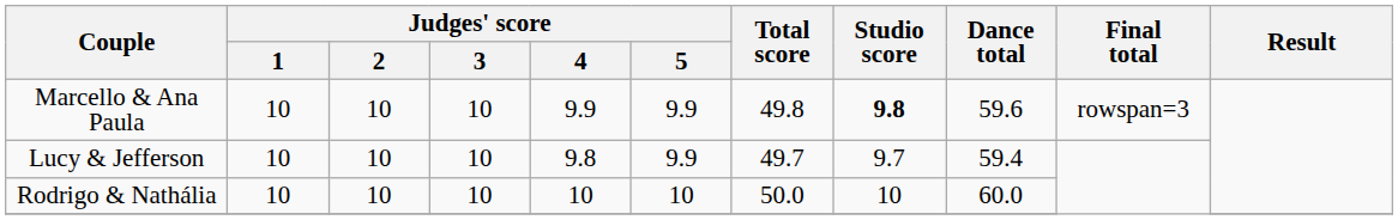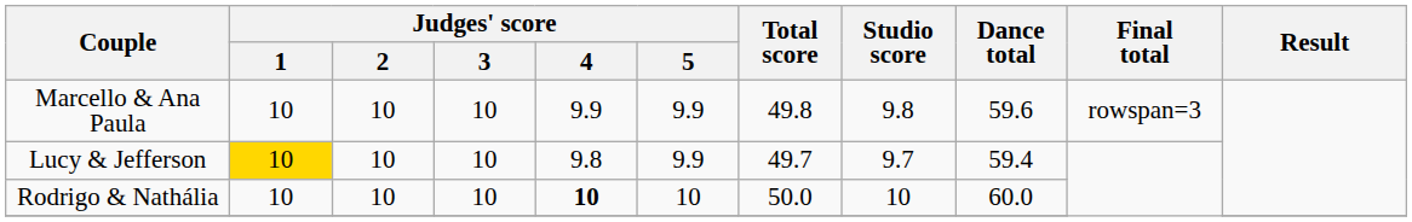 <table class="wikitable" style="font-size:100%; line-height:16px; text-align:center" width="100%">
 <tr>
 <th rowspan=2 width="11.0%">Couple</th>
 <th colspan=5 width="25.0%">Judges' score</th>
 <th rowspan=2 width="05.0%">Total<br>score</th>
 <th rowspan=2 width="05.0%">Studio<br>score</th>
 <th rowspan=2 width="05.0%">Dance<br>total</th>
 <th rowspan=2 width="05.0%">Final<br>total</th>
 <th rowspan=2 width="09.0%">Result</th>
 </tr>
 <tr>
 <th width="05.0%">1</th>
 <th width="05.0%">2</th>
 <th width="05.0%">3</th>
 <th width="05.0%">4</th>
 <th width="05.0%">5</th>
 </tr>
 <tr>
 <td>Marcello & Ana Paula</td>
 <td>10</td>
 <td>10</td>
 <td>10</td>
 <td>9.9</td>
 <td>9.9</td>
 <td>49.8</td>
-<td><strong>9.8</strong></td>
+<td>9.8</td>
 <td>59.6</td>
 <td>rowspan=3 </td>
 <td rowspan=3></td>
 </tr>
 <tr>
 <td>Lucy & Jefferson</td>
-<td>10</td>
+<td style="background: gold;">10</td>
 <td>10</td>
 <td>10</td>
 <td>9.8</td>
 <td>9.9</td>
 <td>49.7</td>
 <td>9.7</td>
 <td>59.4</td>
 </tr>
 <tr>
 <td>Rodrigo & Nathália</td>
 <td>10</td>
 <td>10</td>
 <td>10</td>
-<td>10</td>
+<td><strong>10</strong></td>
 <td>10</td>
 <td>50.0</td>
 <td>10</td>
 <td>60.0</td>
 </tr>
 <tr>
 </tr>
 </table>
